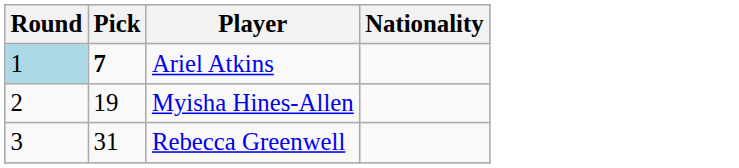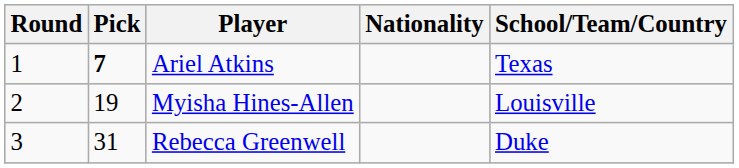 <table class="wikitable">
 <tr>
 <th>Round</th>
 <th>Pick</th>
 <th>Player</th>
 <th>Nationality</th>
+<th>School/Team/Country</th>
 </tr>
 <tr>
-<td style="background: lightblue;">1</td>
+<td>1</td>
 <td><strong>7</strong></td>
 <td><a href='#'>Ariel Atkins</a></td>
 <td></td>
+<td><a href='#'>Texas</a></td>
 </tr>
 <tr>
 <td>2</td>
 <td>19</td>
 <td><a href='#'>Myisha Hines-Allen</a></td>
 <td></td>
+<td><a href='#'>Louisville</a></td>
 </tr>
 <tr>
 <td>3</td>
 <td>31</td>
 <td><a href='#'>Rebecca Greenwell</a></td>
 <td></td>
+<td><a href='#'>Duke</a></td>
 </tr>
 </table>
